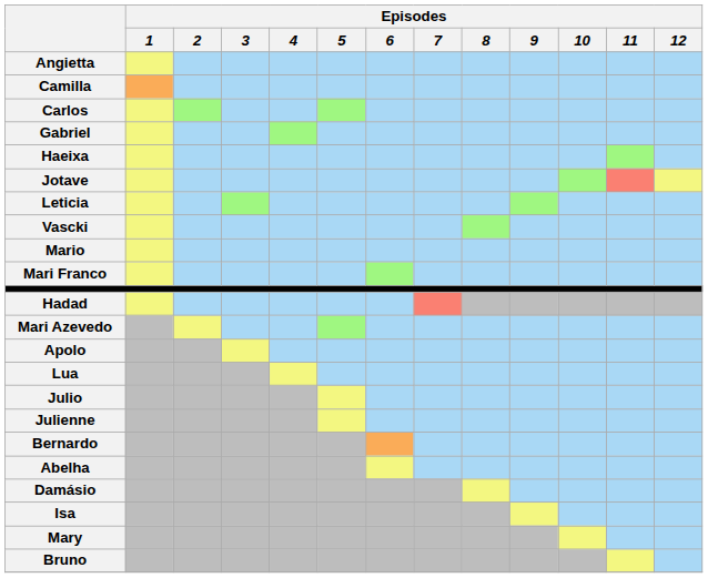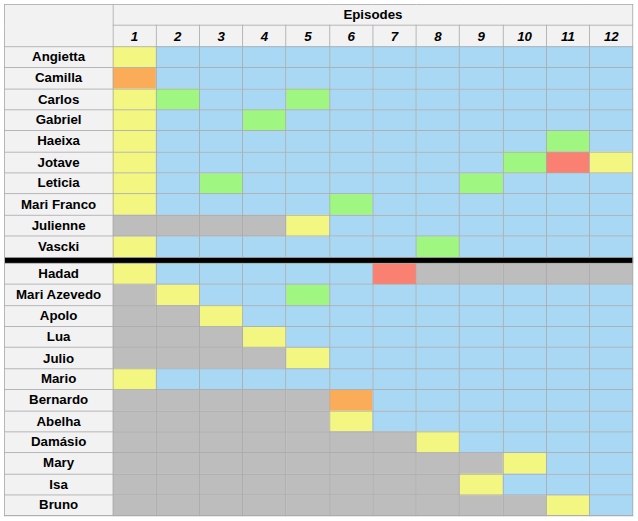 <table class="wikitable" style="text-align:center; font-size:100%; width: 60%">
 <tr>
 <th rowspan="02" width="15%"></th>
 <th colspan="12">Episodes</th>
 </tr>
 <tr>
 <th width="6%"><em>1</em></th>
 <th width="6%"><em>2</em></th>
 <th width="6%"><em>3</em></th>
 <th width="6%"><em>4</em></th>
 <th width="6%"><em>5</em></th>
 <th width="6%"><em>6</em></th>
 <th width="6%"><em>7</em></th>
 <th width="6%"><em>8</em></th>
 <th width="6%"><em>9</em></th>
 <th width="6%"><em>10</em></th>
 <th width="6%"><em>11</em></th>
 <th width="6%"><em>12</em></th>
 </tr>
 <tr>
 <th>Angietta</th>
 <td bgcolor="F3F781"></td>
 <td bgcolor="A9D8F5"></td>
 <td bgcolor="A9D8F5"></td>
 <td bgcolor="A9D8F5"></td>
 <td bgcolor="A9D8F5"></td>
 <td bgcolor="A9D8F5"></td>
 <td bgcolor="A9D8F5"></td>
 <td bgcolor="A9D8F5"></td>
 <td bgcolor="A9D8F5"></td>
 <td bgcolor="A9D8F5"></td>
 <td bgcolor="A9D8F5"></td>
 <td bgcolor="A9D8F5"></td>
 </tr>
 <tr>
 <th>Camilla</th>
 <td bgcolor="FAAC58"></td>
 <td bgcolor="A9D8F5"></td>
 <td bgcolor="A9D8F5"></td>
 <td bgcolor="A9D8F5"></td>
 <td bgcolor="A9D8F5"></td>
 <td bgcolor="A9D8F5"></td>
 <td bgcolor="A9D8F5"></td>
 <td bgcolor="A9D8F5"></td>
 <td bgcolor="A9D8F5"></td>
 <td bgcolor="A9D8F5"></td>
 <td bgcolor="A9D8F5"></td>
 <td bgcolor="A9D8F5"></td>
 </tr>
 <tr>
 <th>Carlos</th>
 <td bgcolor="F3F781"></td>
 <td bgcolor="9FF781"></td>
 <td bgcolor="A9D8F5"></td>
 <td bgcolor="A9D8F5"></td>
 <td bgcolor="9FF781"></td>
 <td bgcolor="A9D8F5"></td>
 <td bgcolor="A9D8F5"></td>
 <td bgcolor="A9D8F5"></td>
 <td bgcolor="A9D8F5"></td>
 <td bgcolor="A9D8F5"></td>
 <td bgcolor="A9D8F5"></td>
 <td bgcolor="A9D8F5"></td>
 </tr>
 <tr>
 <th>Gabriel</th>
 <td bgcolor="F3F781"></td>
 <td bgcolor="A9D8F5"></td>
 <td bgcolor="A9D8F5"></td>
 <td bgcolor="9FF781"></td>
 <td bgcolor="A9D8F5"></td>
 <td bgcolor="A9D8F5"></td>
 <td bgcolor="A9D8F5"></td>
 <td bgcolor="A9D8F5"></td>
 <td bgcolor="A9D8F5"></td>
 <td bgcolor="A9D8F5"></td>
 <td bgcolor="A9D8F5"></td>
 <td bgcolor="A9D8F5"></td>
 </tr>
 <tr>
 <th>Haeixa</th>
 <td bgcolor="F3F781"></td>
 <td bgcolor="A9D8F5"></td>
 <td bgcolor="A9D8F5"></td>
 <td bgcolor="A9D8F5"></td>
 <td bgcolor="A9D8F5"></td>
 <td bgcolor="A9D8F5"></td>
 <td bgcolor="A9D8F5"></td>
 <td bgcolor="A9D8F5"></td>
 <td bgcolor="A9D8F5"></td>
 <td bgcolor="A9D8F5"></td>
 <td bgcolor="9FF781"></td>
 <td bgcolor="A9D8F5"></td>
 </tr>
 <tr>
 <th>Jotave</th>
 <td bgcolor="F3F781"></td>
 <td bgcolor="A9D8F5"></td>
 <td bgcolor="A9D8F5"></td>
 <td bgcolor="A9D8F5"></td>
 <td bgcolor="A9D8F5"></td>
 <td bgcolor="A9D8F5"></td>
 <td bgcolor="A9D8F5"></td>
 <td bgcolor="A9D8F5"></td>
 <td bgcolor="A9D8F5"></td>
 <td bgcolor="9FF781"></td>
 <td bgcolor="FA8072"></td>
 <td bgcolor="F3F781"></td>
 </tr>
 <tr>
 <th>Leticia</th>
 <td bgcolor="F3F781"></td>
 <td bgcolor="A9D8F5"></td>
 <td bgcolor="9FF781"></td>
 <td bgcolor="A9D8F5"></td>
 <td bgcolor="A9D8F5"></td>
 <td bgcolor="A9D8F5"></td>
 <td bgcolor="A9D8F5"></td>
 <td bgcolor="A9D8F5"></td>
 <td bgcolor="9FF781"></td>
 <td bgcolor="A9D8F5"></td>
 <td bgcolor="A9D8F5"></td>
 <td bgcolor="A9D8F5"></td>
 </tr>
 <tr>
+<th>Mari Franco</th>
+<td bgcolor="F3F781"></td>
+<td bgcolor="A9D8F5"></td>
+<td bgcolor="A9D8F5"></td>
+<td bgcolor="A9D8F5"></td>
+<td bgcolor="A9D8F5"></td>
+<td bgcolor="9FF781"></td>
+<td bgcolor="A9D8F5"></td>
+<td bgcolor="A9D8F5"></td>
+<td bgcolor="A9D8F5"></td>
+<td bgcolor="A9D8F5"></td>
+<td bgcolor="A9D8F5"></td>
+<td bgcolor="A9D8F5"></td>
+</tr>
+<tr>
+<th>Julienne</th>
+<td bgcolor="BDBDBD"></td>
+<td bgcolor="BDBDBD"></td>
+<td bgcolor="BDBDBD"></td>
+<td bgcolor="BDBDBD"></td>
+<td bgcolor="F3F781"></td>
+<td bgcolor="A9D8F5"></td>
+<td bgcolor="A9D8F5"></td>
+<td bgcolor="A9D8F5"></td>
+<td bgcolor="A9D8F5"></td>
+<td bgcolor="A9D8F5"></td>
+<td bgcolor="A9D8F5"></td>
+<td bgcolor="A9D8F5"></td>
+</tr>
+<tr>
 <th>Vascki</th>
 <td bgcolor="F3F781"></td>
 <td bgcolor="A9D8F5"></td>
 <td bgcolor="A9D8F5"></td>
 <td bgcolor="A9D8F5"></td>
 <td bgcolor="A9D8F5"></td>
 <td bgcolor="A9D8F5"></td>
 <td bgcolor="A9D8F5"></td>
 <td bgcolor="9FF781"></td>
-<td bgcolor="A9D8F5"></td>
-<td bgcolor="A9D8F5"></td>
-<td bgcolor="A9D8F5"></td>
-<td bgcolor="A9D8F5"></td>
-</tr>
-<tr>
-<th>Mario</th>
-<td bgcolor="F3F781"></td>
-<td bgcolor="A9D8F5"></td>
-<td bgcolor="A9D8F5"></td>
-<td bgcolor="A9D8F5"></td>
-<td bgcolor="A9D8F5"></td>
-<td bgcolor="A9D8F5"></td>
-<td bgcolor="A9D8F5"></td>
-<td bgcolor="A9D8F5"></td>
-<td bgcolor="A9D8F5"></td>
-<td bgcolor="A9D8F5"></td>
-<td bgcolor="A9D8F5"></td>
-<td bgcolor="A9D8F5"></td>
-</tr>
-<tr>
-<th>Mari Franco</th>
-<td bgcolor="F3F781"></td>
-<td bgcolor="A9D8F5"></td>
-<td bgcolor="A9D8F5"></td>
-<td bgcolor="A9D8F5"></td>
-<td bgcolor="A9D8F5"></td>
-<td bgcolor="9FF781"></td>
-<td bgcolor="A9D8F5"></td>
-<td bgcolor="A9D8F5"></td>
 <td bgcolor="A9D8F5"></td>
 <td bgcolor="A9D8F5"></td>
 <td bgcolor="A9D8F5"></td>
 <td bgcolor="A9D8F5"></td>
 </tr>
 <tr>
 <td colspan="13" bgcolor="000000"></td>
 </tr>
 <tr>
 <th>Hadad</th>
 <td bgcolor="F3F781"></td>
 <td bgcolor="A9D8F5"></td>
 <td bgcolor="A9D8F5"></td>
 <td bgcolor="A9D8F5"></td>
 <td bgcolor="A9D8F5"></td>
 <td bgcolor="A9D8F5"></td>
 <td bgcolor="FA8072"></td>
 <td bgcolor="BDBDBD"></td>
 <td bgcolor="BDBDBD"></td>
 <td bgcolor="BDBDBD"></td>
 <td bgcolor="BDBDBD"></td>
 <td bgcolor="BDBDBD"></td>
 </tr>
 <tr>
 <th>Mari Azevedo</th>
 <td bgcolor="BDBDBD"></td>
 <td bgcolor="F3F781"></td>
 <td bgcolor="A9D8F5"></td>
 <td bgcolor="A9D8F5"></td>
 <td bgcolor="9FF781"></td>
 <td bgcolor="A9D8F5"></td>
 <td bgcolor="A9D8F5"></td>
 <td bgcolor="A9D8F5"></td>
 <td bgcolor="A9D8F5"></td>
 <td bgcolor="A9D8F5"></td>
 <td bgcolor="A9D8F5"></td>
 <td bgcolor="A9D8F5"></td>
 </tr>
 <tr>
 <th>Apolo</th>
 <td bgcolor="BDBDBD"></td>
 <td bgcolor="BDBDBD"></td>
 <td bgcolor="F3F781"></td>
 <td bgcolor="A9D8F5"></td>
 <td bgcolor="A9D8F5"></td>
 <td bgcolor="A9D8F5"></td>
 <td bgcolor="A9D8F5"></td>
 <td bgcolor="A9D8F5"></td>
 <td bgcolor="A9D8F5"></td>
 <td bgcolor="A9D8F5"></td>
 <td bgcolor="A9D8F5"></td>
 <td bgcolor="A9D8F5"></td>
 </tr>
 <tr>
 <th>Lua</th>
 <td bgcolor="BDBDBD"></td>
 <td bgcolor="BDBDBD"></td>
 <td bgcolor="BDBDBD"></td>
 <td bgcolor="F3F781"></td>
 <td bgcolor="A9D8F5"></td>
 <td bgcolor="A9D8F5"></td>
 <td bgcolor="A9D8F5"></td>
 <td bgcolor="A9D8F5"></td>
 <td bgcolor="A9D8F5"></td>
 <td bgcolor="A9D8F5"></td>
 <td bgcolor="A9D8F5"></td>
 <td bgcolor="A9D8F5"></td>
 </tr>
 <tr>
 <th>Julio</th>
 <td bgcolor="BDBDBD"></td>
 <td bgcolor="BDBDBD"></td>
 <td bgcolor="BDBDBD"></td>
 <td bgcolor="BDBDBD"></td>
 <td bgcolor="F3F781"></td>
 <td bgcolor="A9D8F5"></td>
 <td bgcolor="A9D8F5"></td>
 <td bgcolor="A9D8F5"></td>
 <td bgcolor="A9D8F5"></td>
 <td bgcolor="A9D8F5"></td>
 <td bgcolor="A9D8F5"></td>
 <td bgcolor="A9D8F5"></td>
 </tr>
 <tr>
-<th>Julienne</th>
-<td bgcolor="BDBDBD"></td>
-<td bgcolor="BDBDBD"></td>
-<td bgcolor="BDBDBD"></td>
-<td bgcolor="BDBDBD"></td>
+<th>Mario</th>
 <td bgcolor="F3F781"></td>
+<td bgcolor="A9D8F5"></td>
+<td bgcolor="A9D8F5"></td>
+<td bgcolor="A9D8F5"></td>
+<td bgcolor="A9D8F5"></td>
 <td bgcolor="A9D8F5"></td>
 <td bgcolor="A9D8F5"></td>
 <td bgcolor="A9D8F5"></td>
 <td bgcolor="A9D8F5"></td>
 <td bgcolor="A9D8F5"></td>
 <td bgcolor="A9D8F5"></td>
 <td bgcolor="A9D8F5"></td>
 </tr>
 <tr>
 <th>Bernardo</th>
 <td bgcolor="BDBDBD"></td>
 <td bgcolor="BDBDBD"></td>
 <td bgcolor="BDBDBD"></td>
 <td bgcolor="BDBDBD"></td>
 <td bgcolor="BDBDBD"></td>
 <td bgcolor="FAAC58"></td>
 <td bgcolor="A9D8F5"></td>
 <td bgcolor="A9D8F5"></td>
 <td bgcolor="A9D8F5"></td>
 <td bgcolor="A9D8F5"></td>
 <td bgcolor="A9D8F5"></td>
 <td bgcolor="A9D8F5"></td>
 </tr>
 <tr>
 <th>Abelha</th>
 <td bgcolor="BDBDBD"></td>
 <td bgcolor="BDBDBD"></td>
 <td bgcolor="BDBDBD"></td>
 <td bgcolor="BDBDBD"></td>
 <td bgcolor="BDBDBD"></td>
 <td bgcolor="F3F781"></td>
 <td bgcolor="A9D8F5"></td>
 <td bgcolor="A9D8F5"></td>
 <td bgcolor="A9D8F5"></td>
 <td bgcolor="A9D8F5"></td>
 <td bgcolor="A9D8F5"></td>
 <td bgcolor="A9D8F5"></td>
 </tr>
 <tr>
 <th>Damásio</th>
 <td bgcolor="BDBDBD"></td>
 <td bgcolor="BDBDBD"></td>
 <td bgcolor="BDBDBD"></td>
 <td bgcolor="BDBDBD"></td>
 <td bgcolor="BDBDBD"></td>
 <td bgcolor="BDBDBD"></td>
 <td bgcolor="BDBDBD"></td>
 <td bgcolor="F3F781"></td>
 <td bgcolor="A9D8F5"></td>
 <td bgcolor="A9D8F5"></td>
 <td bgcolor="A9D8F5"></td>
 <td bgcolor="A9D8F5"></td>
 </tr>
 <tr>
+<th>Mary</th>
+<td bgcolor="BDBDBD"></td>
+<td bgcolor="BDBDBD"></td>
+<td bgcolor="BDBDBD"></td>
+<td bgcolor="BDBDBD"></td>
+<td bgcolor="BDBDBD"></td>
+<td bgcolor="BDBDBD"></td>
+<td bgcolor="BDBDBD"></td>
+<td bgcolor="BDBDBD"></td>
+<td bgcolor="BDBDBD"></td>
+<td bgcolor="F3F781"></td>
+<td bgcolor="A9D8F5"></td>
+<td bgcolor="A9D8F5"></td>
+</tr>
+<tr>
 <th>Isa</th>
 <td bgcolor="BDBDBD"></td>
 <td bgcolor="BDBDBD"></td>
 <td bgcolor="BDBDBD"></td>
 <td bgcolor="BDBDBD"></td>
 <td bgcolor="BDBDBD"></td>
 <td bgcolor="BDBDBD"></td>
 <td bgcolor="BDBDBD"></td>
 <td bgcolor="BDBDBD"></td>
 <td bgcolor="F3F781"></td>
 <td bgcolor="A9D8F5"></td>
-<td bgcolor="A9D8F5"></td>
-<td bgcolor="A9D8F5"></td>
-</tr>
-<tr>
-<th>Mary</th>
-<td bgcolor="BDBDBD"></td>
-<td bgcolor="BDBDBD"></td>
-<td bgcolor="BDBDBD"></td>
-<td bgcolor="BDBDBD"></td>
-<td bgcolor="BDBDBD"></td>
-<td bgcolor="BDBDBD"></td>
-<td bgcolor="BDBDBD"></td>
-<td bgcolor="BDBDBD"></td>
-<td bgcolor="BDBDBD"></td>
-<td bgcolor="F3F781"></td>
 <td bgcolor="A9D8F5"></td>
 <td bgcolor="A9D8F5"></td>
 </tr>
 <tr>
 <th>Bruno</th>
 <td bgcolor="BDBDBD"></td>
 <td bgcolor="BDBDBD"></td>
 <td bgcolor="BDBDBD"></td>
 <td bgcolor="BDBDBD"></td>
 <td bgcolor="BDBDBD"></td>
 <td bgcolor="BDBDBD"></td>
 <td bgcolor="BDBDBD"></td>
 <td bgcolor="BDBDBD"></td>
 <td bgcolor="BDBDBD"></td>
 <td bgcolor="BDBDBD"></td>
 <td bgcolor="F3F781"></td>
 <td bgcolor="A9D8F5"></td>
 </tr>
 <tr>
 </tr>
 </table>
